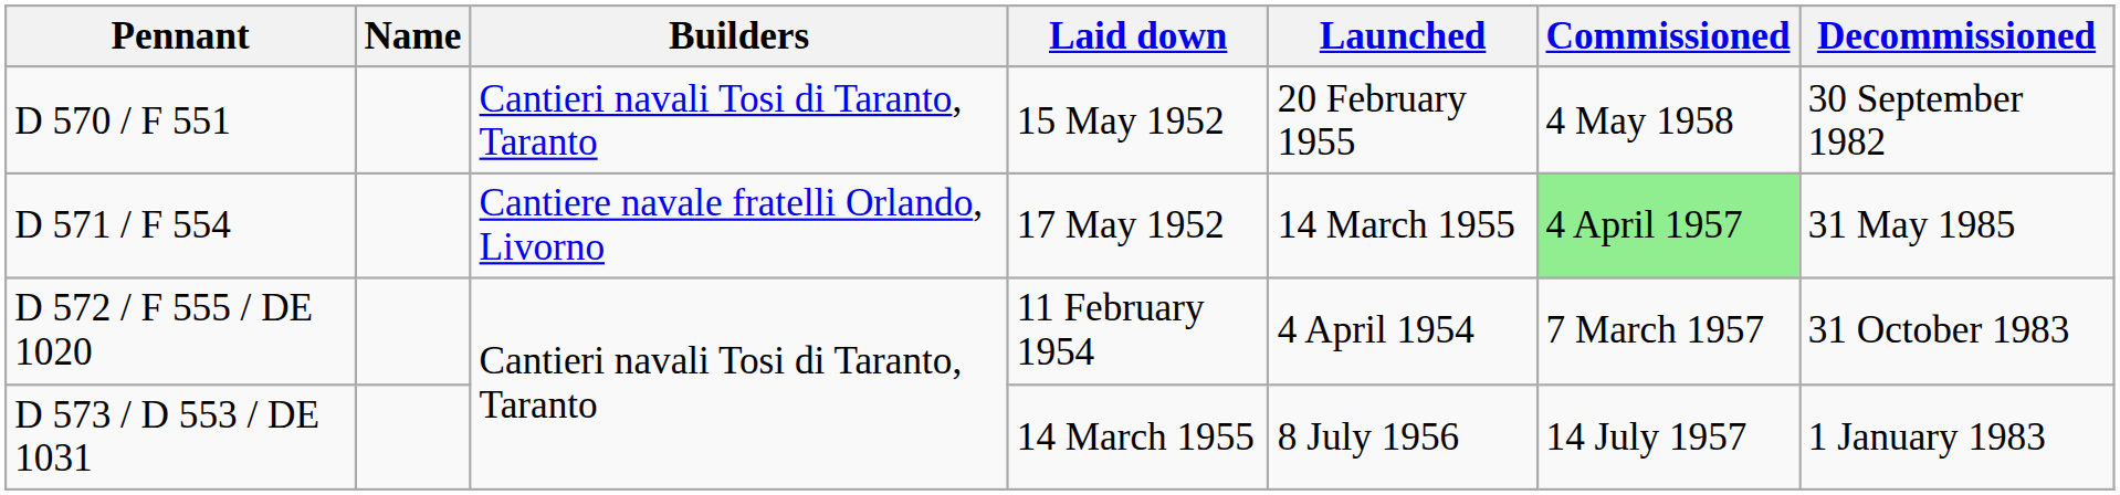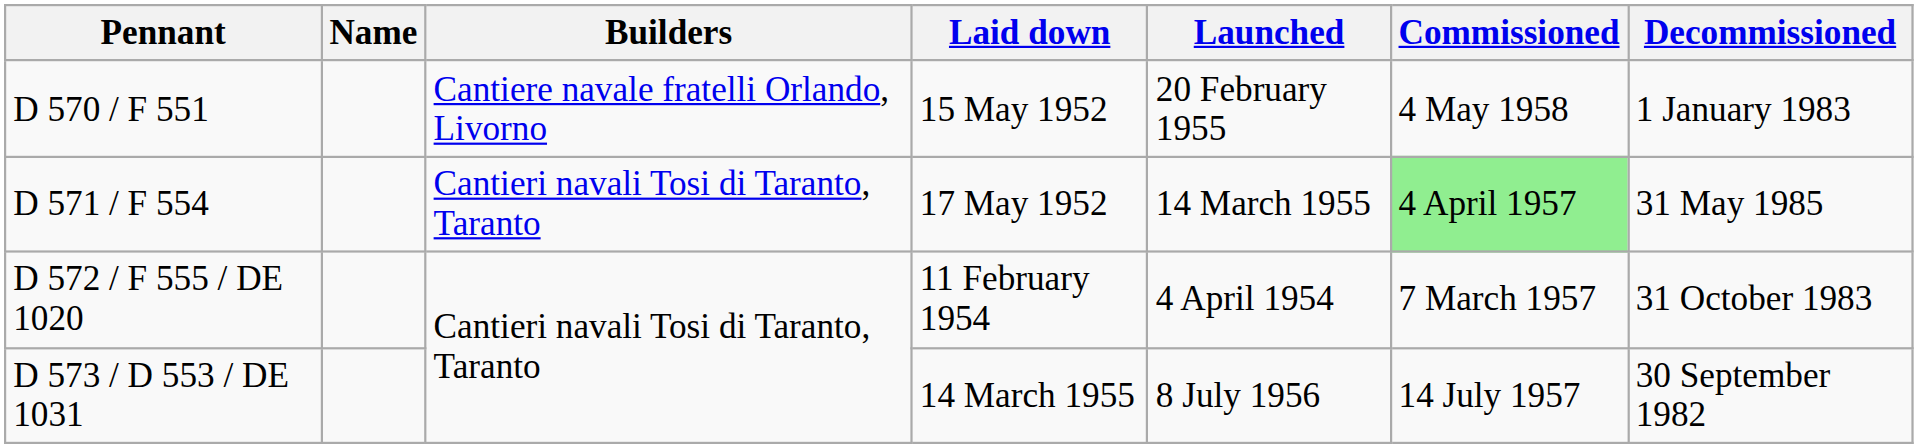 <table class="wikitable plainrowheaders">
 <tr>
 <th scope="col”">Pennant</th>
 <th scope="col”">Name</th>
 <th scope="col”">Builders</th>
 <th scope="col”"><a href='#'>Laid down</a></th>
 <th scope="col”"><a href='#'>Launched</a></th>
 <th scope="col”"><a href='#'>Commissioned</a></th>
 <th scope="col”"><a href='#'>Decommissioned</a></th>
 </tr>
 <tr>
 <td scope="row”">D 570 / F 551</td>
 <td scope="row”"></td>
-<td scope="row”"><a href='#'>Cantieri navali Tosi di Taranto</a>, <a href='#'>Taranto</a></td>
+<td scope="row”"><a href='#'>Cantiere navale fratelli Orlando</a>, <a href='#'>Livorno</a></td>
 <td scope="row”">15 May 1952</td>
 <td scope="row”">20 February 1955</td>
 <td scope="row”">4 May 1958</td>
-<td scope="row”">30 September 1982</td>
+<td scope="row”">1 January 1983</td>
 </tr>
 <tr>
 <td scope="row”">D 571 / F 554</td>
 <td scope="row”"></td>
-<td scope="row”"><a href='#'>Cantiere navale fratelli Orlando</a>, <a href='#'>Livorno</a></td>
+<td scope="row”"><a href='#'>Cantieri navali Tosi di Taranto</a>, <a href='#'>Taranto</a></td>
 <td scope="row”">17 May 1952</td>
 <td scope="row”">14 March 1955</td>
 <td scope="row”" style="background: lightgreen;">4 April 1957</td>
 <td scope="row”">31 May 1985</td>
 </tr>
 <tr>
 <td scope="row”">D 572 / F 555 / DE 1020</td>
 <td scope="row”"></td>
 <td scope="rowgroup" rowspan="2">Cantieri navali Tosi di Taranto, Taranto</td>
 <td scope="row”">11 February 1954</td>
 <td scope="row”">4 April 1954</td>
 <td scope="row”">7 March 1957</td>
 <td scope="row”">31 October 1983</td>
 </tr>
 <tr>
 <td scope="row”">D 573 / D 553 / DE 1031</td>
 <td scope="row”"></td>
 <td scope="row”">14 March 1955</td>
 <td scope="row”">8 July 1956</td>
 <td scope="row”">14 July 1957</td>
-<td scope="row”">1 January 1983</td>
+<td scope="row”">30 September 1982</td>
 </tr>
 </table>
